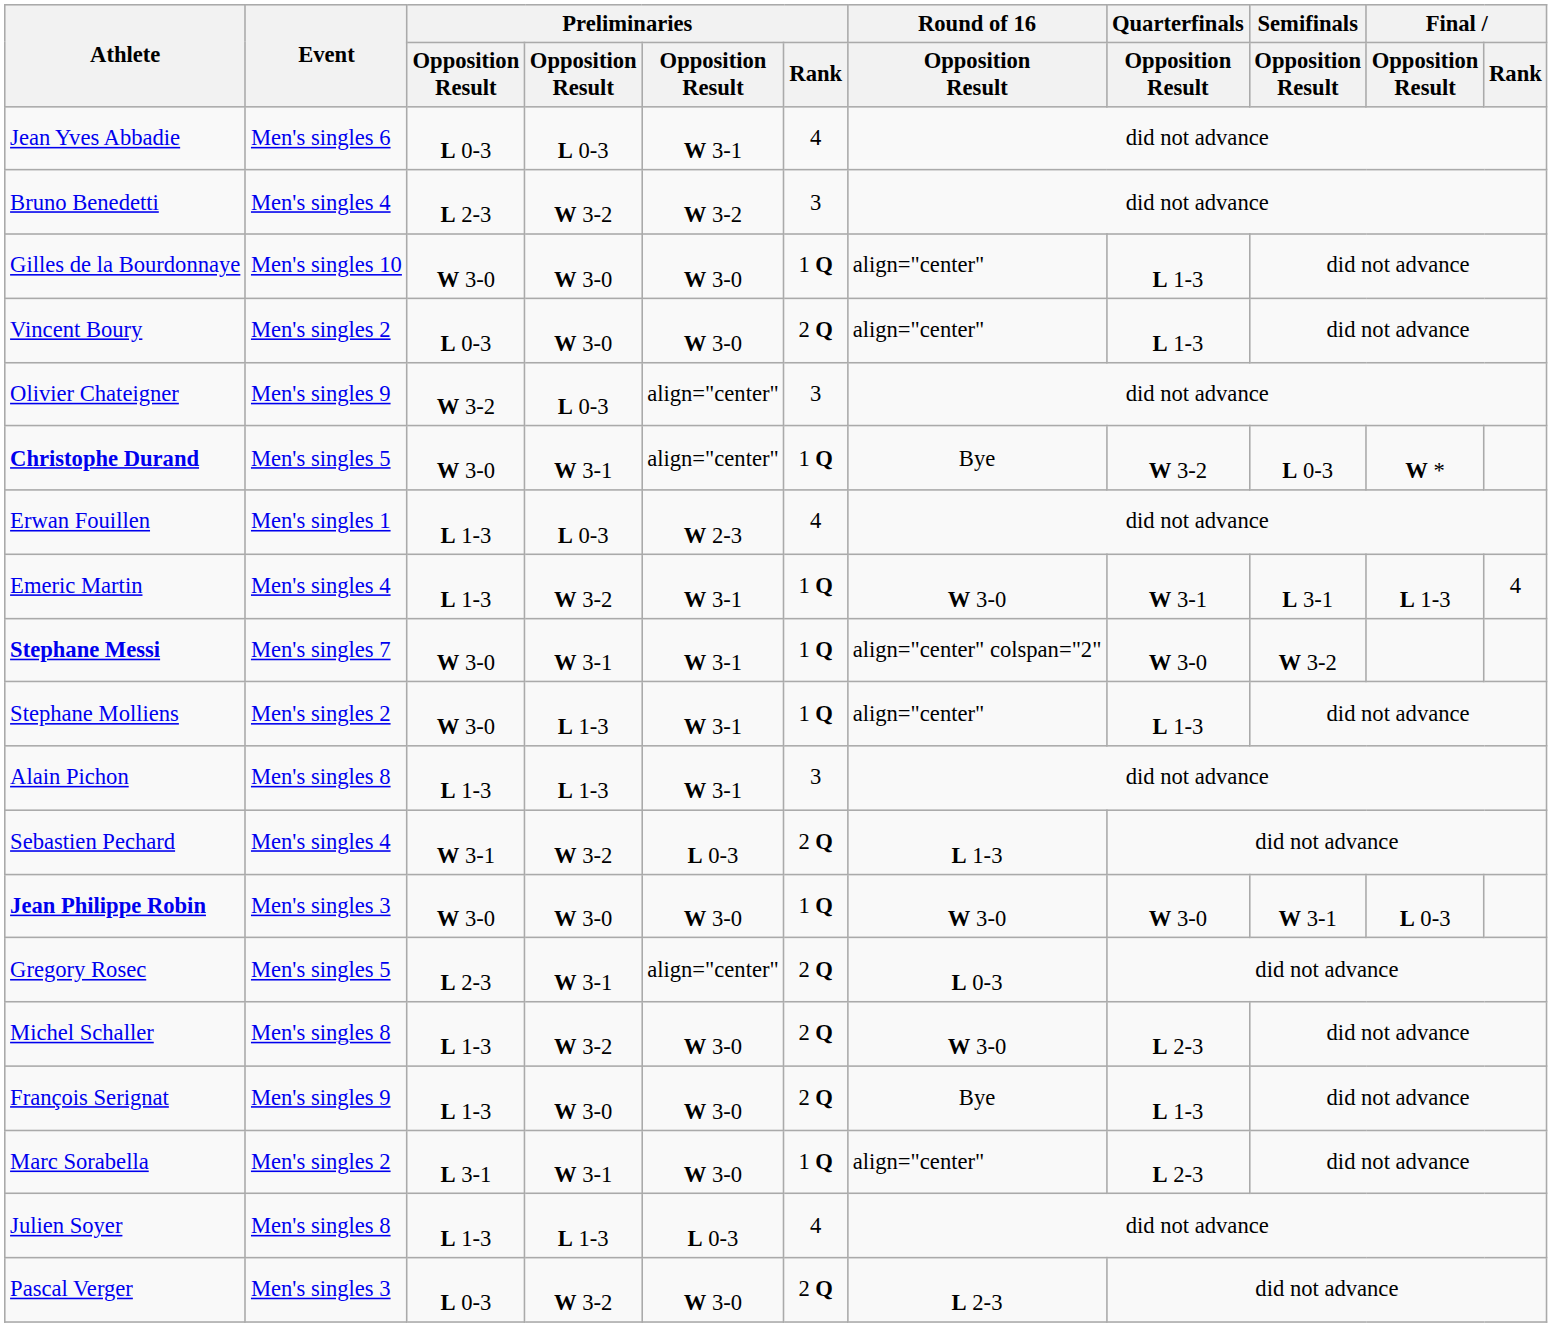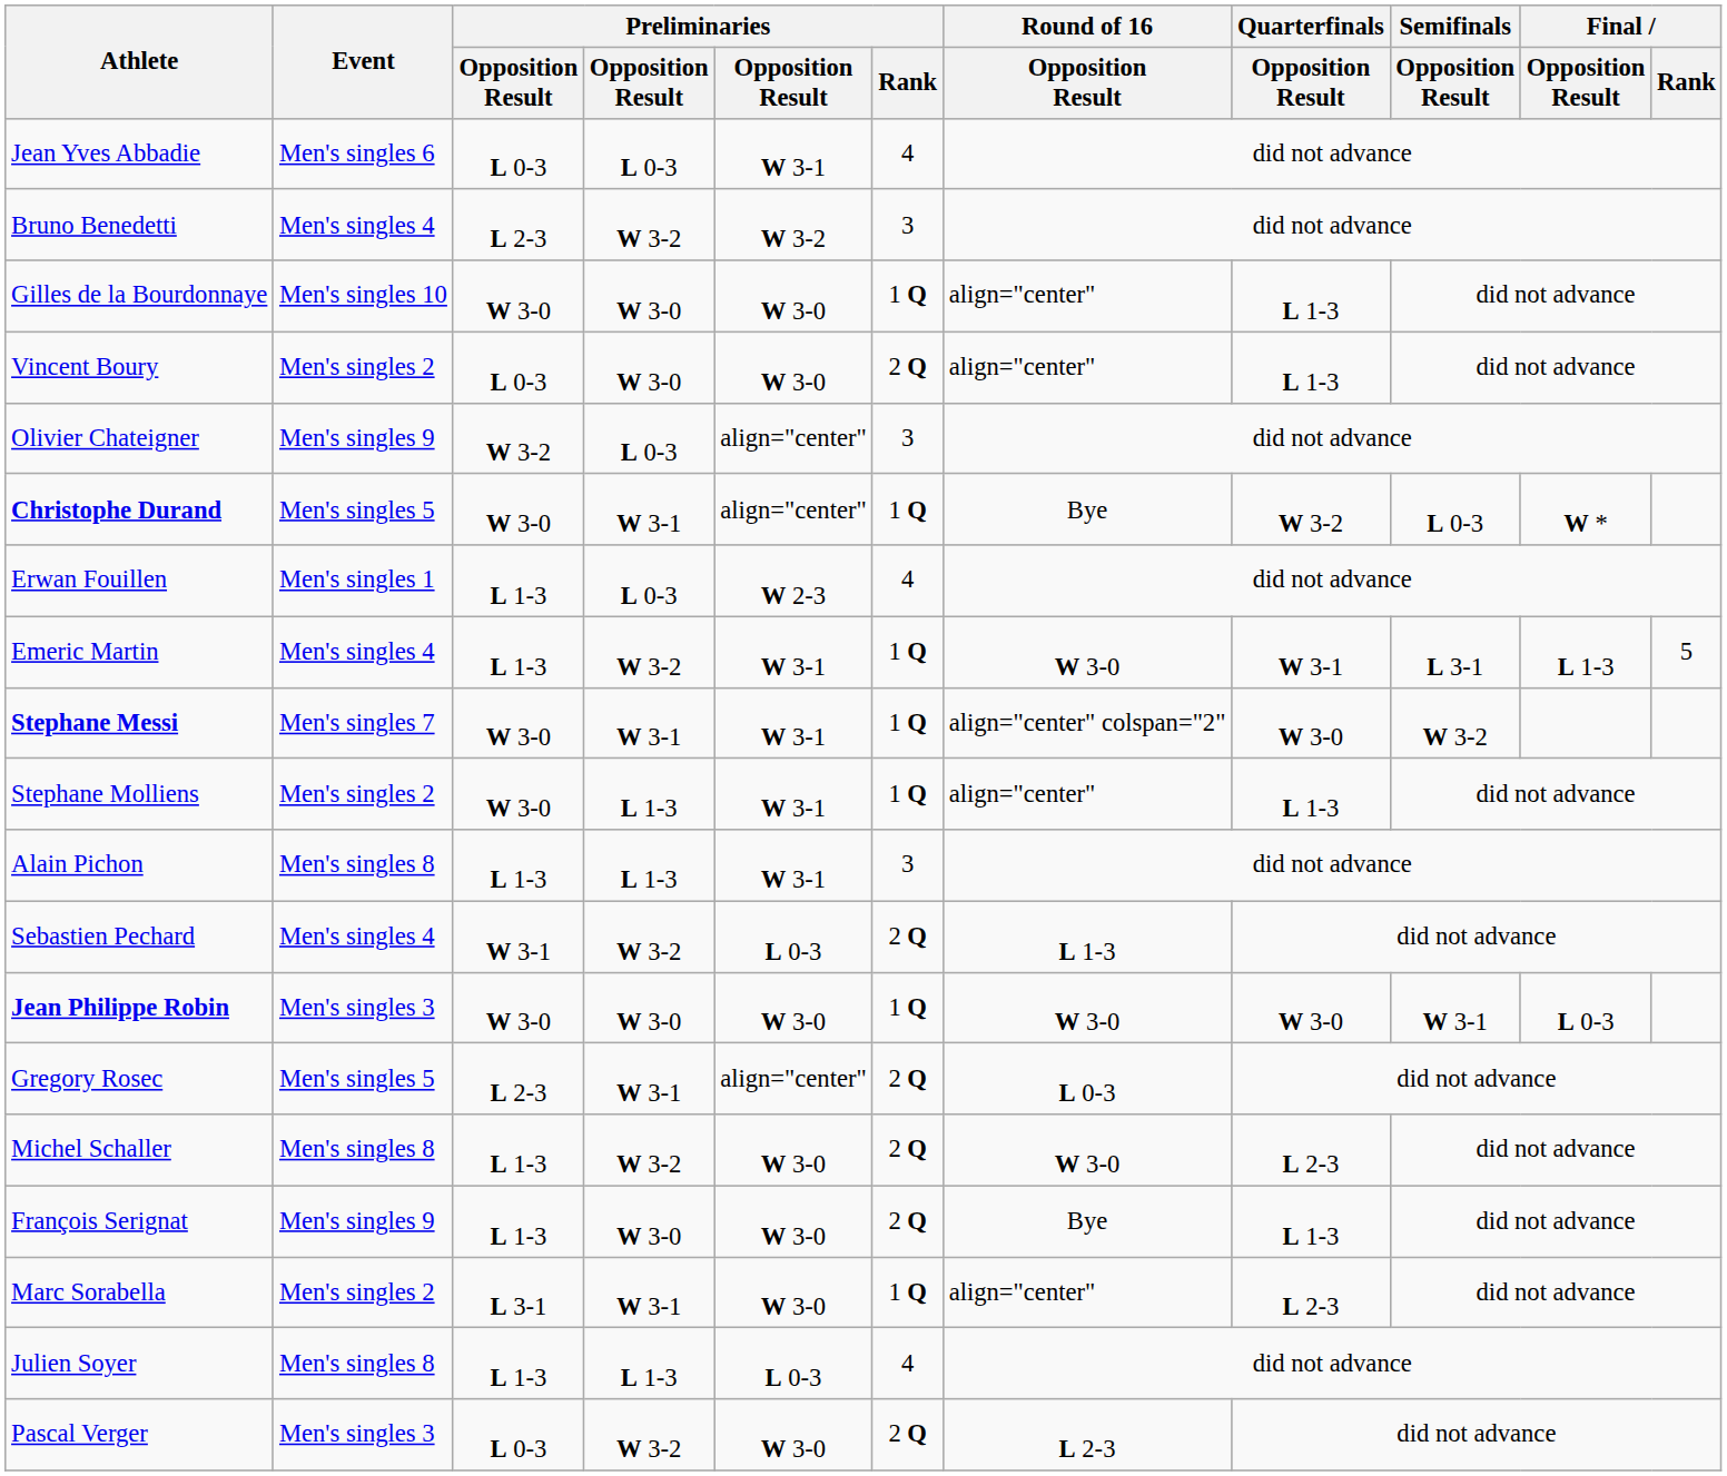 <table class=wikitable style="font-size:90%">
 <tr>
 <th rowspan="2">Athlete</th>
 <th rowspan="2">Event</th>
 <th colspan="4">Preliminaries</th>
 <th>Round of 16</th>
 <th>Quarterfinals</th>
 <th>Semifinals</th>
 <th colspan="2">Final / </th>
 </tr>
 <tr>
 <th>Opposition<br>Result</th>
 <th>Opposition<br>Result</th>
 <th>Opposition<br>Result</th>
 <th>Rank</th>
 <th>Opposition<br>Result</th>
 <th>Opposition<br>Result</th>
 <th>Opposition<br>Result</th>
 <th>Opposition<br>Result</th>
 <th>Rank</th>
 </tr>
 <tr>
 <td><a href='#'>Jean Yves Abbadie</a></td>
 <td><a href='#'>Men's singles 6</a></td>
 <td align="center"><br><strong>L</strong> 0-3</td>
 <td align="center"><br><strong>L</strong> 0-3</td>
 <td align="center"><br><strong>W</strong> 3-1</td>
 <td align="center">4</td>
 <td align="center" colspan="5">did not advance</td>
 </tr>
 <tr>
 <td><a href='#'>Bruno Benedetti</a></td>
 <td><a href='#'>Men's singles 4</a></td>
 <td align="center"><br><strong>L</strong> 2-3</td>
 <td align="center"><br><strong>W</strong> 3-2</td>
 <td align="center"><br><strong>W</strong> 3-2</td>
 <td align="center">3</td>
 <td align="center" colspan="5">did not advance</td>
 </tr>
 <tr>
 <td><a href='#'>Gilles de la Bourdonnaye</a></td>
 <td><a href='#'>Men's singles 10</a></td>
 <td align="center"><br><strong>W</strong> 3-0</td>
 <td align="center"><br><strong>W</strong> 3-0</td>
 <td align="center"><br><strong>W</strong> 3-0</td>
 <td align="center">1 <strong>Q</strong></td>
 <td>align="center" </td>
 <td align="center"><br><strong>L</strong> 1-3</td>
 <td align="center" colspan="3">did not advance</td>
 </tr>
 <tr>
 <td><a href='#'>Vincent Boury</a></td>
 <td><a href='#'>Men's singles 2</a></td>
 <td align="center"><br><strong>L</strong> 0-3</td>
 <td align="center"><br><strong>W</strong> 3-0</td>
 <td align="center"><br><strong>W</strong> 3-0</td>
 <td align="center">2 <strong>Q</strong></td>
 <td>align="center" </td>
 <td align="center"><br><strong>L</strong> 1-3</td>
 <td align="center" colspan="3">did not advance</td>
 </tr>
 <tr>
 <td><a href='#'>Olivier Chateigner</a></td>
 <td><a href='#'>Men's singles 9</a></td>
 <td align="center"><br><strong>W</strong> 3-2</td>
 <td align="center"><br><strong>L</strong> 0-3</td>
 <td>align="center" </td>
 <td align="center">3</td>
 <td align="center" colspan="5">did not advance</td>
 </tr>
 <tr>
 <td><strong><a href='#'>Christophe Durand</a></strong></td>
 <td><a href='#'>Men's singles 5</a></td>
 <td align="center"><br><strong>W</strong> 3-0</td>
 <td align="center"><br><strong>W</strong> 3-1</td>
 <td>align="center" </td>
 <td align="center">1 <strong>Q</strong></td>
 <td align="center">Bye</td>
 <td align="center"><br><strong>W</strong> 3-2</td>
 <td align="center"><br><strong>L</strong> 0-3</td>
 <td align="center"><br><strong>W</strong> *</td>
 <td align="center"></td>
 </tr>
 <tr>
 <td><a href='#'>Erwan Fouillen</a></td>
 <td><a href='#'>Men's singles 1</a></td>
 <td align="center"><br><strong>L</strong> 1-3</td>
 <td align="center"><br><strong>L</strong> 0-3</td>
 <td align="center"><br><strong>W</strong> 2-3</td>
 <td align="center">4</td>
 <td align="center" colspan="5">did not advance</td>
 </tr>
 <tr>
 <td><a href='#'>Emeric Martin</a></td>
 <td><a href='#'>Men's singles 4</a></td>
 <td align="center"><br><strong>L</strong> 1-3</td>
 <td align="center"><br><strong>W</strong> 3-2</td>
 <td align="center"><br><strong>W</strong> 3-1</td>
 <td align="center">1 <strong>Q</strong></td>
 <td align="center"><br><strong>W</strong> 3-0</td>
 <td align="center"><br><strong>W</strong> 3-1</td>
 <td align="center"><br><strong>L</strong> 3-1</td>
 <td align="center"><br><strong>L</strong> 1-3</td>
-<td align="center">4</td>
+<td align="center">5</td>
 </tr>
 <tr>
 <td><strong><a href='#'>Stephane Messi</a></strong></td>
 <td><a href='#'>Men's singles 7</a></td>
 <td align="center"><br><strong>W</strong> 3-0</td>
 <td align="center"><br><strong>W</strong> 3-1</td>
 <td align="center"><br><strong>W</strong> 3-1</td>
 <td align="center">1 <strong>Q</strong></td>
 <td>align="center" colspan="2" </td>
 <td align="center"><br><strong>W</strong> 3-0</td>
 <td align="center"><br><strong>W</strong> 3-2</td>
 <td align="center"></td>
 </tr>
 <tr>
 <td><a href='#'>Stephane Molliens</a></td>
 <td><a href='#'>Men's singles 2</a></td>
 <td align="center"><br><strong>W</strong> 3-0</td>
 <td align="center"><br><strong>L</strong> 1-3</td>
 <td align="center"><br><strong>W</strong> 3-1</td>
 <td align="center">1 <strong>Q</strong></td>
 <td>align="center" </td>
 <td align="center"><br><strong>L</strong> 1-3</td>
 <td align="center" colspan="3">did not advance</td>
 </tr>
 <tr>
 <td><a href='#'>Alain Pichon</a></td>
 <td><a href='#'>Men's singles 8</a></td>
 <td align="center"><br><strong>L</strong> 1-3</td>
 <td align="center"><br><strong>L</strong> 1-3</td>
 <td align="center"><br><strong>W</strong> 3-1</td>
 <td align="center">3</td>
 <td align="center" colspan="5">did not advance</td>
 </tr>
 <tr>
 <td><a href='#'>Sebastien Pechard</a></td>
 <td><a href='#'>Men's singles 4</a></td>
 <td align="center"><br><strong>W</strong> 3-1</td>
 <td align="center"><br><strong>W</strong> 3-2</td>
 <td align="center"><br><strong>L</strong> 0-3</td>
 <td align="center">2 <strong>Q</strong></td>
 <td align="center"><br><strong>L</strong> 1-3</td>
 <td align="center" colspan="4">did not advance</td>
 </tr>
 <tr>
 <td><strong><a href='#'>Jean Philippe Robin</a></strong></td>
 <td><a href='#'>Men's singles 3</a></td>
 <td align="center"><br><strong>W</strong> 3-0</td>
 <td align="center"><br><strong>W</strong> 3-0</td>
 <td align="center"><br><strong>W</strong> 3-0</td>
 <td align="center">1 <strong>Q</strong></td>
 <td align="center"><br><strong>W</strong> 3-0</td>
 <td align="center"><br><strong>W</strong> 3-0</td>
 <td align="center"><br><strong>W</strong> 3-1</td>
 <td align="center"><br><strong>L</strong> 0-3</td>
 <td align="center"></td>
 </tr>
 <tr>
 <td><a href='#'>Gregory Rosec</a></td>
 <td><a href='#'>Men's singles 5</a></td>
 <td align="center"><br><strong>L</strong> 2-3</td>
 <td align="center"><br><strong>W</strong> 3-1</td>
 <td>align="center" </td>
 <td align="center">2 <strong>Q</strong></td>
 <td align="center"><br><strong>L</strong> 0-3</td>
 <td align="center" colspan="4">did not advance</td>
 </tr>
 <tr>
 <td><a href='#'>Michel Schaller</a></td>
 <td><a href='#'>Men's singles 8</a></td>
 <td align="center"><br><strong>L</strong> 1-3</td>
 <td align="center"><br><strong>W</strong> 3-2</td>
 <td align="center"><br><strong>W</strong> 3-0</td>
 <td align="center">2 <strong>Q</strong></td>
 <td align="center"><br><strong>W</strong> 3-0</td>
 <td align="center"><br><strong>L</strong> 2-3</td>
 <td align="center" colspan="3">did not advance</td>
 </tr>
 <tr>
 <td><a href='#'>François Serignat</a></td>
 <td><a href='#'>Men's singles 9</a></td>
 <td align="center"><br><strong>L</strong> 1-3</td>
 <td align="center"><br><strong>W</strong> 3-0</td>
 <td align="center"><br><strong>W</strong> 3-0</td>
 <td align="center">2 <strong>Q</strong></td>
 <td align="center">Bye</td>
 <td align="center"><br><strong>L</strong> 1-3</td>
 <td align="center" colspan="3">did not advance</td>
 </tr>
 <tr>
 <td><a href='#'>Marc Sorabella</a></td>
 <td><a href='#'>Men's singles 2</a></td>
 <td align="center"><br><strong>L</strong> 3-1</td>
 <td align="center"><br><strong>W</strong> 3-1</td>
 <td align="center"><br><strong>W</strong> 3-0</td>
 <td align="center">1 <strong>Q</strong></td>
 <td>align="center" </td>
 <td align="center"><br><strong>L</strong> 2-3</td>
 <td align="center" colspan="3">did not advance</td>
 </tr>
 <tr>
 <td><a href='#'>Julien Soyer</a></td>
 <td><a href='#'>Men's singles 8</a></td>
 <td align="center"><br><strong>L</strong> 1-3</td>
 <td align="center"><br><strong>L</strong> 1-3</td>
 <td align="center"><br><strong>L</strong> 0-3</td>
 <td align="center">4</td>
 <td align="center" colspan="5">did not advance</td>
 </tr>
 <tr>
 <td><a href='#'>Pascal Verger</a></td>
 <td><a href='#'>Men's singles 3</a></td>
 <td align="center"><br><strong>L</strong> 0-3</td>
 <td align="center"><br><strong>W</strong> 3-2</td>
 <td align="center"><br><strong>W</strong> 3-0</td>
 <td align="center">2 <strong>Q</strong></td>
 <td align="center"><br><strong>L</strong> 2-3</td>
 <td align="center" colspan="4">did not advance</td>
 </tr>
 </table>
